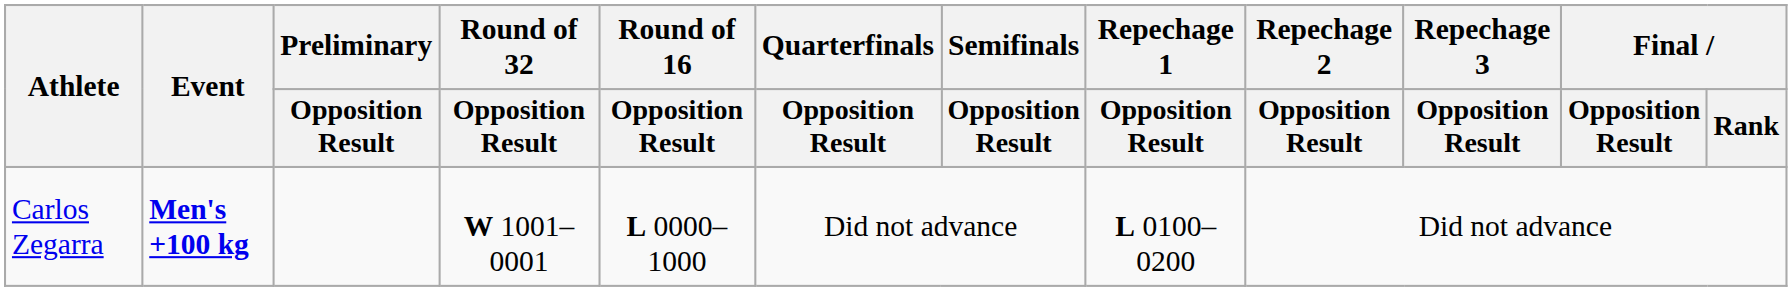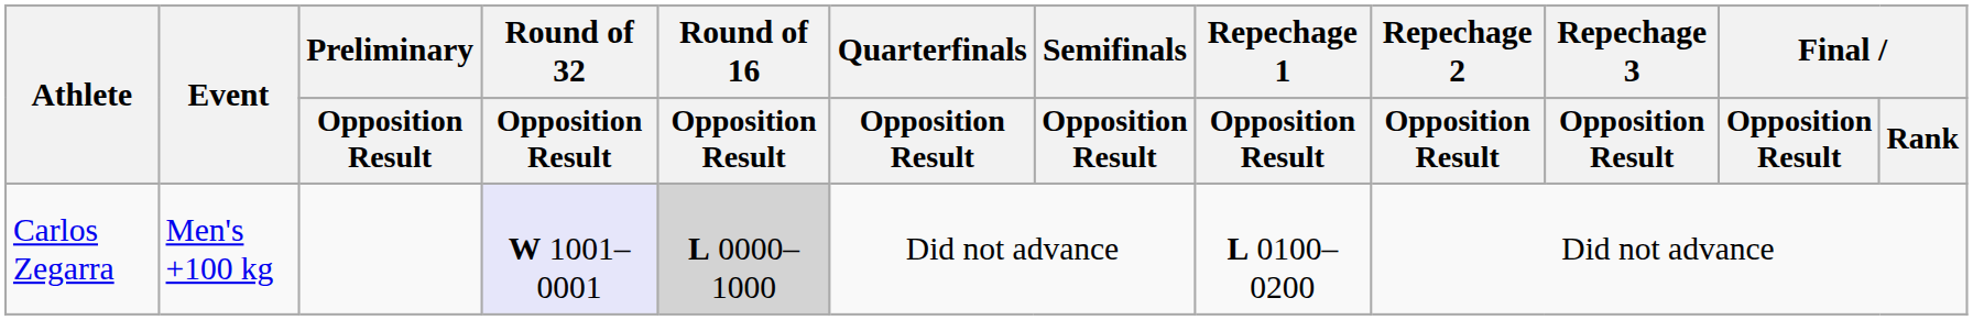 <table class="wikitable" style="font-size:90%">
 <tr>
 <th rowspan="2">Athlete</th>
 <th rowspan="2">Event</th>
 <th>Preliminary</th>
 <th>Round of 32</th>
 <th>Round of 16</th>
 <th>Quarterfinals</th>
 <th>Semifinals</th>
 <th>Repechage 1</th>
 <th>Repechage 2</th>
 <th>Repechage 3</th>
 <th colspan=2>Final / </th>
 </tr>
 <tr style="font-size:95%">
 <th>Opposition<br>Result</th>
 <th>Opposition<br>Result</th>
 <th>Opposition<br>Result</th>
 <th>Opposition<br>Result</th>
 <th>Opposition<br>Result</th>
 <th>Opposition<br>Result</th>
 <th>Opposition<br>Result</th>
 <th>Opposition<br>Result</th>
 <th>Opposition<br>Result</th>
 <th>Rank</th>
 </tr>
 <tr align=center>
 <td align=left><a href='#'>Carlos Zegarra</a></td>
-<td align=left><strong><a href='#'>Men's +100 kg</a></strong></td>
+<td align=left><a href='#'>Men's +100 kg</a></td>
 <td></td>
-<td><br><strong>W</strong> 1001–0001</td>
-<td><br><strong>L</strong> 0000–1000</td>
+<td style="background: lavender;"><br><strong>W</strong> 1001–0001</td>
+<td style="background: lightgrey;"><br><strong>L</strong> 0000–1000</td>
 <td colspan=2>Did not advance</td>
 <td><br><strong>L</strong> 0100–0200</td>
 <td colspan=4>Did not advance</td>
 </tr>
 </table>
